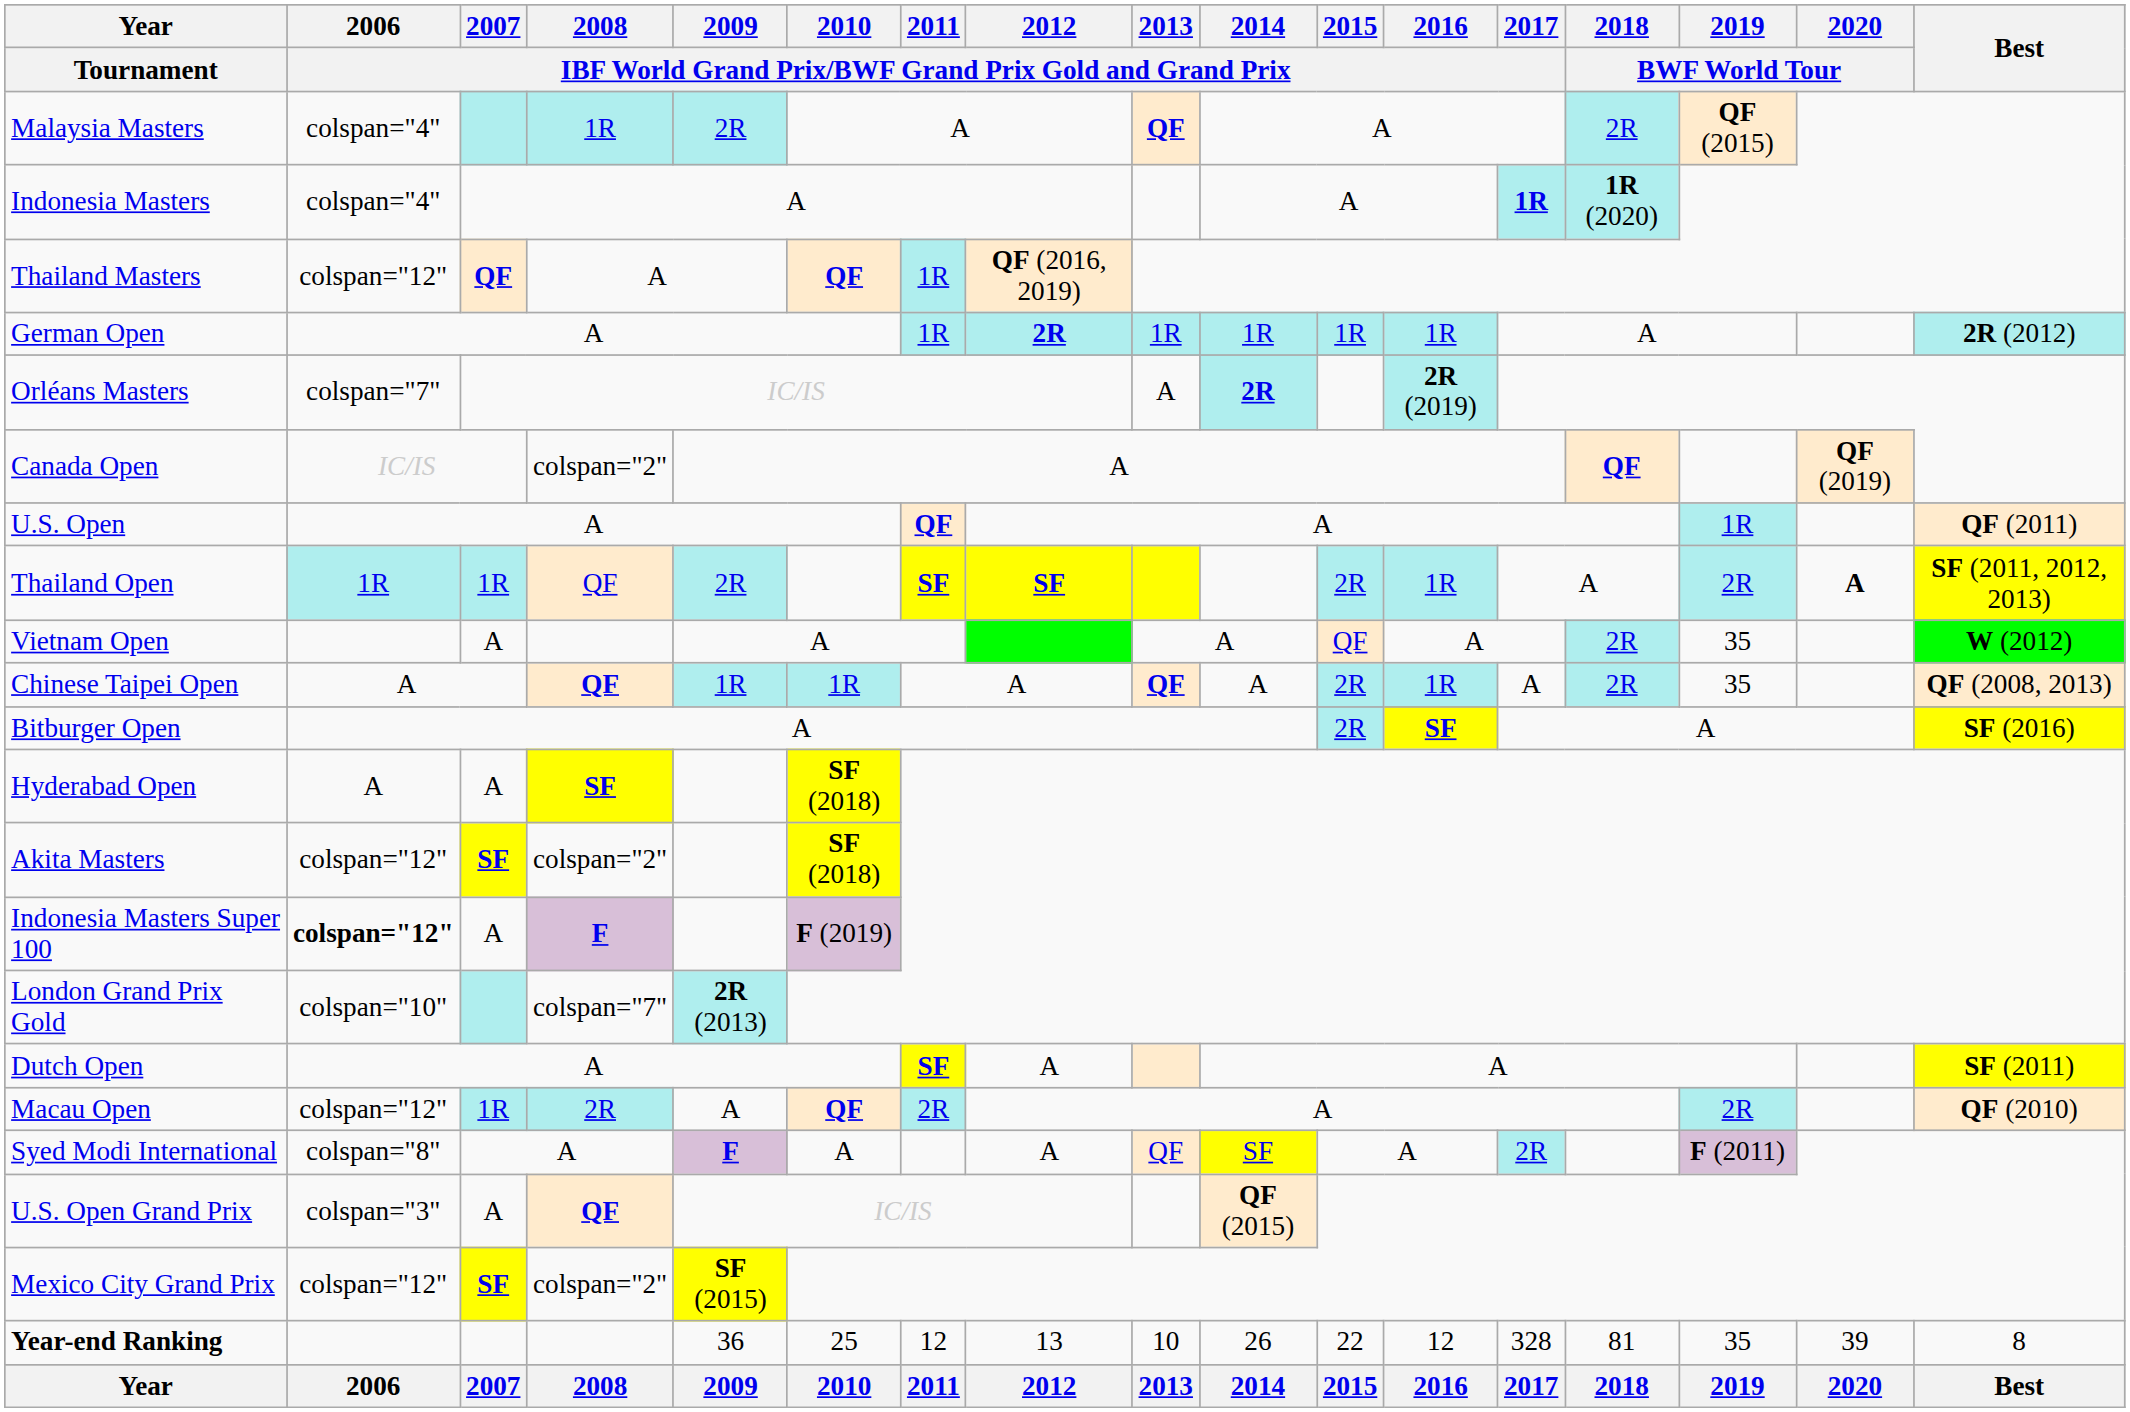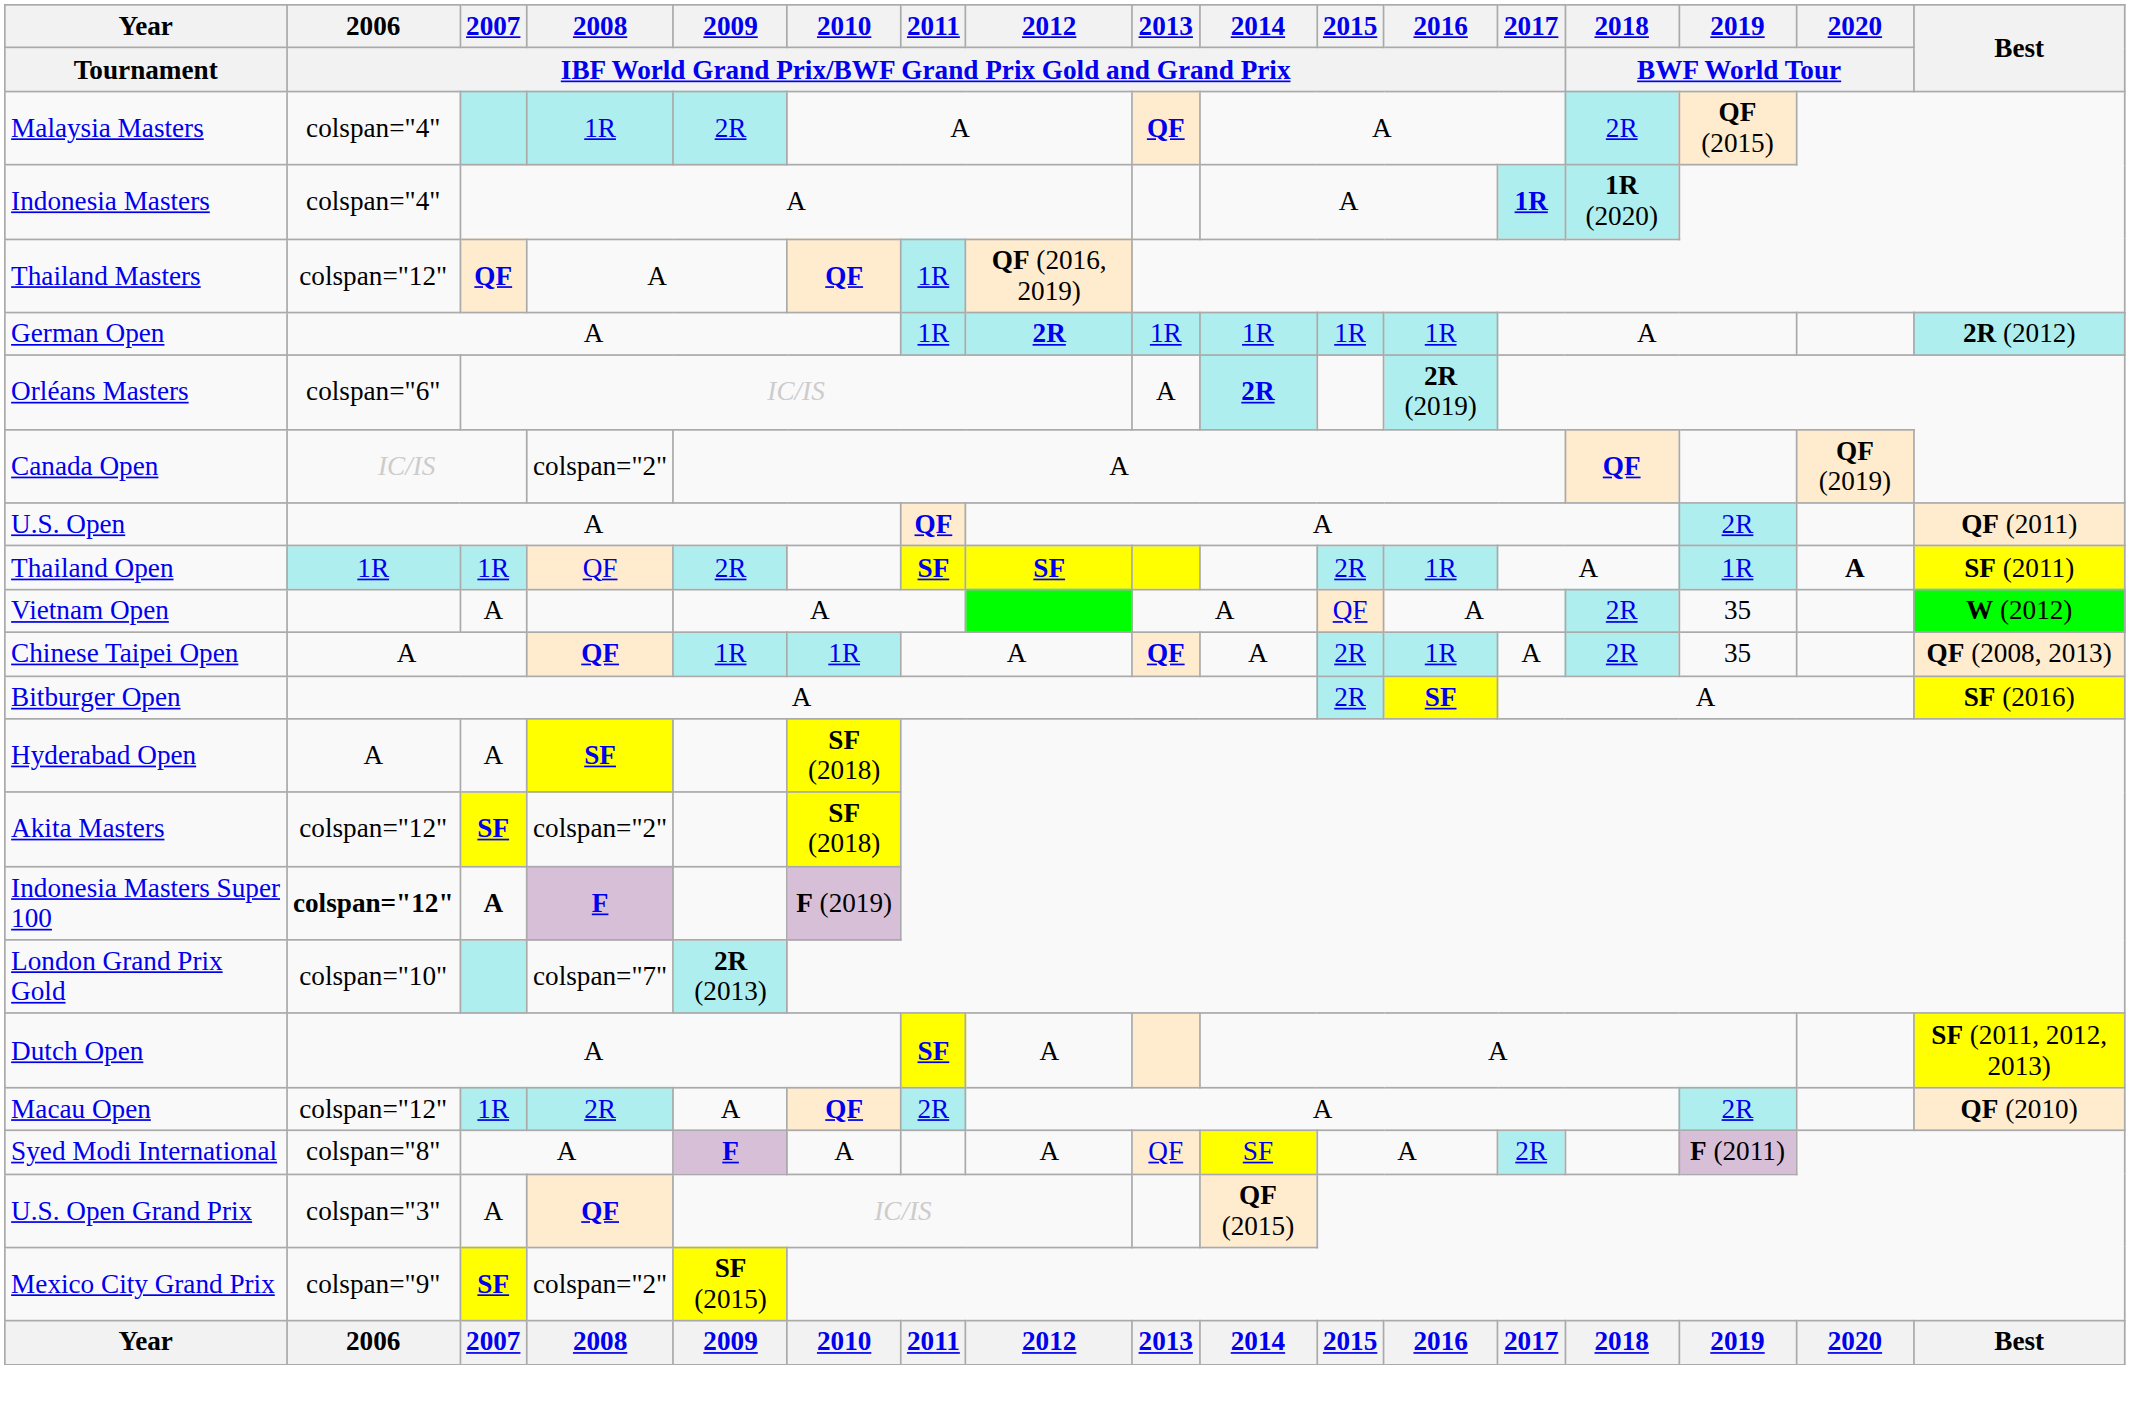 <table class=wikitable style=text-align:center>
 <tr>
 <th>Year</th>
 <th>2006</th>
 <th><a href='#'>2007</a></th>
 <th><a href='#'>2008</a></th>
 <th><a href='#'>2009</a></th>
 <th><a href='#'>2010</a></th>
 <th><a href='#'>2011</a></th>
 <th><a href='#'>2012</a></th>
 <th><a href='#'>2013</a></th>
 <th><a href='#'>2014</a></th>
 <th><a href='#'>2015</a></th>
 <th><a href='#'>2016</a></th>
 <th><a href='#'>2017</a></th>
 <th><a href='#'>2018</a></th>
 <th><a href='#'>2019</a></th>
 <th><a href='#'>2020</a></th>
 <th rowspan="2">Best</th>
 </tr>
 <tr>
 <th>Tournament</th>
 <th colspan="12" align=center><strong><a href='#'>IBF World Grand Prix/BWF Grand Prix Gold and Grand Prix</a></strong></th>
 <th colspan="3" align=center><strong><a href='#'>BWF World Tour</a></strong></th>
 </tr>
 <tr>
 <td align=left><a href='#'>Malaysia Masters</a></td>
 <td>colspan="4" </td>
 <td bgcolor=afeeee><br></td>
 <td bgcolor=afeeee><a href='#'>1R</a></td>
 <td bgcolor=afeeee><a href='#'>2R</a></td>
 <td colspan="3">A</td>
 <td bgcolor=ffebcd><a href='#'><strong>QF</strong></a></td>
 <td colspan="4">A</td>
 <td bgcolor=afeeee><a href='#'>2R</a></td>
 <td bgcolor=ffebcd><strong>QF</strong> (2015)</td>
 </tr>
 <tr>
 <td align=left><a href='#'>Indonesia Masters</a></td>
 <td>colspan="4" </td>
 <td colspan="6">A</td>
 <td></td>
 <td colspan="3">A</td>
 <td bgcolor=afeeee><a href='#'><strong>1R</strong></a></td>
 <td bgcolor=afeeee><strong>1R</strong> (2020)</td>
 </tr>
 <tr>
 <td align=left><a href='#'>Thailand Masters</a></td>
 <td>colspan="12" </td>
 <td bgcolor=ffebcd><a href='#'><strong>QF</strong></a></td>
 <td colspan="2">A</td>
 <td bgcolor=ffebcd><a href='#'><strong>QF</strong></a></td>
 <td bgcolor=afeeee><a href='#'>1R</a></td>
 <td bgcolor=ffebcd><strong>QF</strong> (2016, 2019)</td>
 </tr>
 <tr>
 <td align=left><a href='#'>German Open</a></td>
 <td colspan="5">A</td>
 <td bgcolor=afeeee><a href='#'>1R</a></td>
 <td bgcolor=afeeee><a href='#'><strong>2R</strong></a></td>
 <td bgcolor=afeeee><a href='#'>1R</a></td>
 <td bgcolor=afeeee><a href='#'>1R</a></td>
 <td bgcolor=afeeee><a href='#'>1R</a></td>
 <td bgcolor=afeeee><a href='#'>1R</a></td>
 <td colspan="3">A</td>
 <td></td>
 <td bgcolor=afeeee><strong>2R</strong> (2012)</td>
 </tr>
 <tr>
 <td align=left><a href='#'>Orléans Masters</a></td>
-<td>colspan="7" </td>
+<td>colspan="6" </td>
 <td colspan="6" style=color:#ccc><em>IC/IS</em></td>
 <td>A</td>
 <td bgcolor=afeeee><a href='#'><strong>2R</strong></a></td>
 <td></td>
 <td bgcolor=afeeee><strong>2R</strong> (2019)</td>
 </tr>
 <tr>
 <td align=left><a href='#'>Canada Open</a></td>
 <td colspan="2" style=color:#ccc><em>IC/IS</em></td>
 <td>colspan="2" </td>
 <td colspan="9">A</td>
 <td bgcolor=ffebcd><a href='#'><strong>QF</strong></a></td>
 <td></td>
 <td bgcolor=ffebcd><strong>QF</strong> (2019)</td>
 </tr>
 <tr>
 <td align=left><a href='#'>U.S. Open</a></td>
 <td colspan="5">A</td>
 <td bgcolor=ffebcd><a href='#'><strong>QF</strong></a></td>
 <td colspan="7">A</td>
-<td bgcolor=afeeee><a href='#'>1R</a></td>
+<td bgcolor=afeeee><a href='#'>2R</a></td>
 <td></td>
 <td bgcolor=ffebcd><strong>QF</strong> (2011)</td>
 </tr>
 <tr>
 <td align=left><a href='#'>Thailand Open</a></td>
 <td bgcolor=afeeee><a href='#'>1R</a></td>
 <td bgcolor=afeeee><a href='#'>1R</a></td>
 <td bgcolor=ffebcd><a href='#'>QF</a></td>
 <td bgcolor=afeeee><a href='#'>2R</a></td>
 <td></td>
 <td bgcolor=yellow><a href='#'><strong>SF</strong></a></td>
 <td bgcolor=yellow><a href='#'><strong>SF</strong></a></td>
 <td bgcolor=yellow><br></td>
 <td></td>
 <td bgcolor=afeeee><a href='#'>2R</a></td>
 <td bgcolor=afeeee><a href='#'>1R</a></td>
 <td colspan="2">A</td>
-<td bgcolor=afeeee><a href='#'>2R</a></td>
+<td bgcolor=afeeee><a href='#'>1R</a></td>
 <td><strong>A</strong></td>
-<td bgcolor=yellow><strong>SF</strong> (2011, 2012, 2013)</td>
+<td bgcolor=yellow><strong>SF</strong> (2011)</td>
 </tr>
 <tr>
 <td align=left><a href='#'>Vietnam Open</a></td>
 <td></td>
 <td>A</td>
 <td></td>
 <td colspan="3">A</td>
 <td bgcolor=lime><br></td>
 <td colspan="2">A</td>
 <td bgcolor=ffebcd><a href='#'>QF</a></td>
 <td colspan="2">A</td>
 <td bgcolor=afeeee><a href='#'>2R</a></td>
 <td align=center>35</td>
 <td></td>
 <td bgcolor=lime><strong>W</strong> (2012)</td>
 </tr>
 <tr>
 <td align=left><a href='#'>Chinese Taipei Open</a></td>
 <td colspan="2">A</td>
 <td bgcolor=ffebcd><a href='#'><strong>QF</strong></a></td>
 <td bgcolor=afeeee><a href='#'>1R</a></td>
 <td bgcolor=afeeee><a href='#'>1R</a></td>
 <td colspan="2">A</td>
 <td bgcolor=ffebcd><a href='#'><strong>QF</strong></a></td>
 <td>A</td>
 <td bgcolor=afeeee><a href='#'>2R</a></td>
 <td bgcolor=afeeee><a href='#'>1R</a></td>
 <td>A</td>
 <td bgcolor=afeeee><a href='#'>2R</a></td>
 <td align=center>35</td>
 <td></td>
 <td bgcolor=ffebcd><strong>QF</strong> (2008, 2013)</td>
 </tr>
 <tr>
 <td align=left><a href='#'>Bitburger Open</a></td>
 <td colspan="9">A</td>
 <td bgcolor=afeeee><a href='#'>2R</a></td>
 <td bgcolor=yellow><a href='#'><strong>SF</strong></a></td>
 <td colspan="4">A</td>
 <td bgcolor=yellow><strong>SF</strong> (2016)</td>
 </tr>
 <tr>
 <td align=left><a href='#'>Hyderabad Open</a></td>
 <td>A</td>
 <td>A</td>
 <td bgcolor=yellow><a href='#'><strong>SF</strong></a></td>
 <td></td>
 <td bgcolor=yellow><strong>SF</strong> (2018)</td>
 </tr>
 <tr>
 <td align=left><a href='#'>Akita Masters</a></td>
 <td>colspan="12" </td>
 <td bgcolor=yellow><a href='#'><strong>SF</strong></a></td>
 <td>colspan="2" </td>
 <td></td>
 <td bgcolor=yellow><strong>SF</strong> (2018)</td>
 </tr>
 <tr>
 <td align=left><a href='#'>Indonesia Masters Super 100</a></td>
 <td><strong>colspan="12" </strong></td>
-<td>A</td>
+<td><strong>A</strong></td>
 <td bgcolor=thistle><a href='#'><strong>F</strong></a></td>
 <td></td>
 <td bgcolor=thistle><strong>F</strong> (2019)</td>
 </tr>
 <tr>
 <td align=left><a href='#'>London Grand Prix Gold</a></td>
 <td>colspan="10" </td>
 <td bgcolor=afeeee><br></td>
 <td>colspan="7" </td>
 <td bgcolor=afeeee><strong>2R</strong> (2013)</td>
 </tr>
 <tr>
 <td align=left><a href='#'>Dutch Open</a></td>
 <td colspan="5">A</td>
 <td bgcolor=yellow><a href='#'><strong>SF</strong></a></td>
 <td>A</td>
 <td bgcolor=ffebcd><br></td>
 <td colspan="6">A</td>
 <td></td>
-<td bgcolor=yellow><strong>SF</strong> (2011)</td>
+<td bgcolor=yellow><strong>SF</strong> (2011, 2012, 2013)</td>
 </tr>
 <tr>
 <td align=left><a href='#'>Macau Open</a></td>
 <td>colspan="12" </td>
 <td bgcolor=afeeee><a href='#'>1R</a></td>
 <td bgcolor=afeeee><a href='#'>2R</a></td>
 <td>A</td>
 <td bgcolor=ffebcd><a href='#'><strong>QF</strong></a></td>
 <td bgcolor=afeeee><a href='#'>2R</a></td>
 <td colspan="7">A</td>
 <td bgcolor=afeeee><a href='#'>2R</a></td>
 <td></td>
 <td bgcolor=ffebcd><strong>QF</strong> (2010)</td>
 </tr>
 <tr>
 <td align=left><a href='#'>Syed Modi International</a></td>
 <td>colspan="8" </td>
 <td colspan="2">A</td>
 <td bgcolor=thistle><a href='#'><strong>F</strong></a></td>
 <td>A</td>
 <td></td>
 <td>A</td>
 <td bgcolor=ffebcd><a href='#'>QF</a></td>
 <td bgcolor=yellow><a href='#'>SF</a></td>
 <td colspan="2">A</td>
 <td bgcolor=afeeee><a href='#'>2R</a></td>
 <td></td>
 <td bgcolor=thistle><strong>F</strong> (2011)</td>
 </tr>
 <tr>
 <td align=left><a href='#'>U.S. Open Grand Prix</a></td>
 <td>colspan="3" </td>
 <td>A</td>
 <td bgcolor=ffebcd><a href='#'><strong>QF</strong></a></td>
 <td colspan="4" style=color:#ccc><em>IC/IS</em></td>
 <td></td>
 <td bgcolor=ffebcd><strong>QF</strong> (2015)</td>
 </tr>
 <tr>
 <td align=left><a href='#'>Mexico City Grand Prix</a></td>
-<td>colspan="12" </td>
+<td>colspan="9" </td>
 <td bgcolor=yellow><a href='#'><strong>SF</strong></a></td>
 <td>colspan="2" </td>
 <td bgcolor=yellow><strong>SF</strong> (2015)</td>
-</tr>
-<tr>
-<td align=left><strong>Year-end Ranking</strong></td>
-<td align=center></td>
-<td align=center></td>
-<td align=center></td>
-<td align=center>36</td>
-<td align=center>25</td>
-<td align=center>12</td>
-<td align=center>13</td>
-<td align=center>10</td>
-<td align=center>26</td>
-<td align=center>22</td>
-<td align=center>12</td>
-<td align=center>328</td>
-<td align=center>81</td>
-<td align=center>35</td>
-<td align=center>39</td>
-<td align=center>8</td>
 </tr>
 <tr>
 <th>Year</th>
 <th>2006</th>
 <th><a href='#'>2007</a></th>
 <th><a href='#'>2008</a></th>
 <th><a href='#'>2009</a></th>
 <th><a href='#'>2010</a></th>
 <th><a href='#'>2011</a></th>
 <th><a href='#'>2012</a></th>
 <th><a href='#'>2013</a></th>
 <th><a href='#'>2014</a></th>
 <th><a href='#'>2015</a></th>
 <th><a href='#'>2016</a></th>
 <th><a href='#'>2017</a></th>
 <th><a href='#'>2018</a></th>
 <th><a href='#'>2019</a></th>
 <th><a href='#'>2020</a></th>
 <th>Best</th>
 </tr>
 </table>
